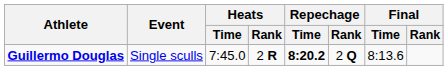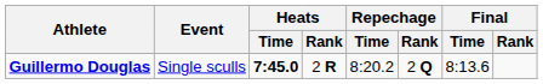 <table class="wikitable" style="font-size:90%">
 <tr>
 <th rowspan="2">Athlete</th>
 <th rowspan="2">Event</th>
 <th colspan="2">Heats</th>
 <th colspan="2">Repechage</th>
 <th colspan="2">Final</th>
 </tr>
 <tr style="font-size:95%">
 <th>Time</th>
 <th>Rank</th>
 <th>Time</th>
 <th>Rank</th>
 <th>Time</th>
 <th>Rank</th>
 </tr>
 <tr align=center>
 <td align=left><strong><a href='#'>Guillermo Douglas</a></strong></td>
 <td align=left><a href='#'>Single sculls</a></td>
-<td>7:45.0</td>
+<td><strong>7:45.0</strong></td>
 <td>2 <strong>R</strong></td>
-<td><strong>8:20.2</strong></td>
+<td>8:20.2</td>
 <td>2 <strong>Q</strong></td>
 <td>8:13.6</td>
 <td></td>
 </tr>
 </table>
